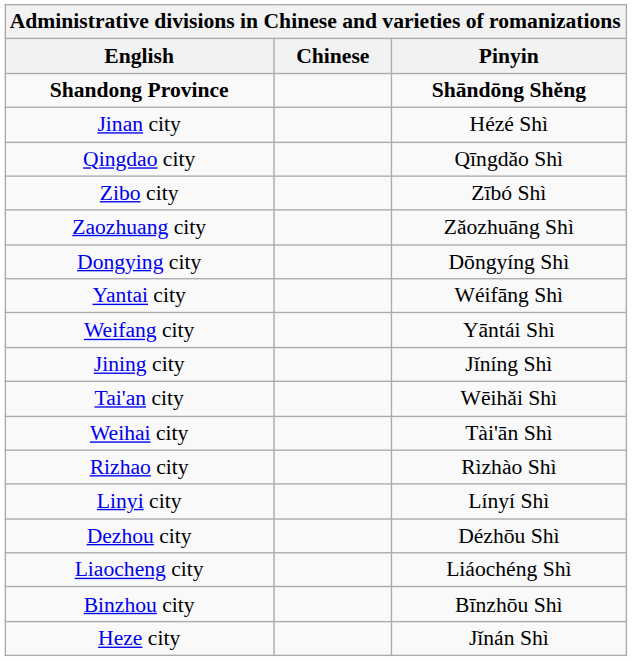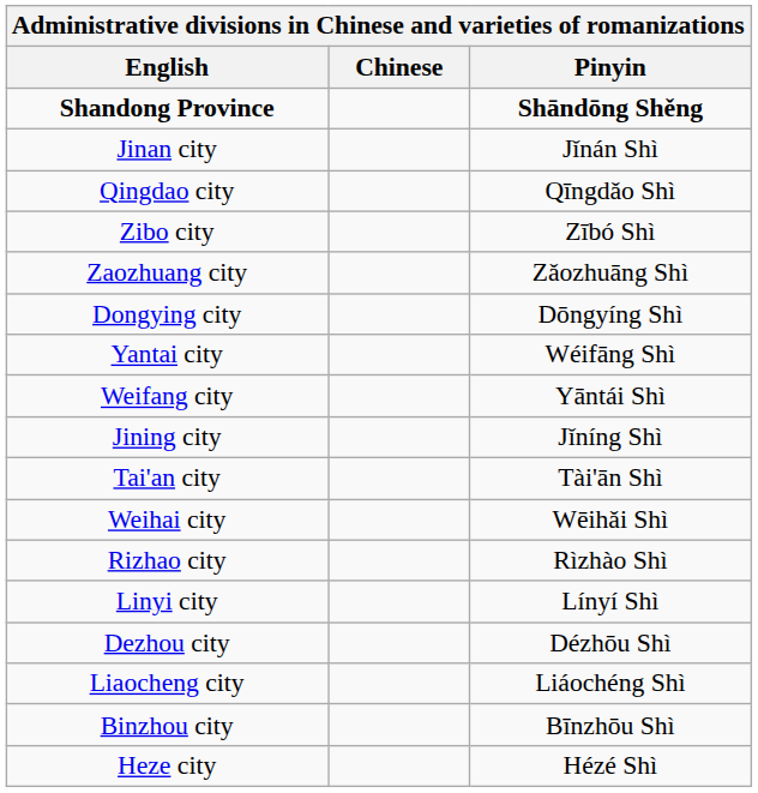 <table class="wikitable sortable collapsible collapsed" style="text-font:90%; width:auto; text-align:center; margin-left: auto; margin-right: auto;">
 <tr>
 <th colspan="5">Administrative divisions in Chinese and varieties of romanizations</th>
 </tr>
 <tr>
 <th>English</th>
 <th>Chinese</th>
 <th>Pinyin</th>
 </tr>
 <tr>
 <td><strong>Shandong Province</strong></td>
 <td></td>
 <td><strong>Shāndōng Shěng</strong></td>
 </tr>
 <tr>
 <td><a href='#'>Jinan</a> city</td>
 <td></td>
-<td>Hézé Shì</td>
+<td>Jǐnán Shì</td>
 </tr>
 <tr>
 <td><a href='#'>Qingdao</a> city</td>
 <td></td>
 <td>Qīngdǎo Shì</td>
 </tr>
 <tr>
 <td><a href='#'>Zibo</a> city</td>
 <td></td>
 <td>Zībó Shì</td>
 </tr>
 <tr>
 <td><a href='#'>Zaozhuang</a> city</td>
 <td></td>
 <td>Zǎozhuāng Shì</td>
 </tr>
 <tr>
 <td><a href='#'>Dongying</a> city</td>
 <td></td>
 <td>Dōngyíng Shì</td>
 </tr>
 <tr>
 <td><a href='#'>Yantai</a> city</td>
 <td></td>
 <td>Wéifāng Shì</td>
 </tr>
 <tr>
 <td><a href='#'>Weifang</a> city</td>
 <td></td>
 <td>Yāntái Shì</td>
 </tr>
 <tr>
 <td><a href='#'>Jining</a> city</td>
 <td></td>
 <td>Jǐníng Shì</td>
 </tr>
 <tr>
 <td><a href='#'>Tai'an</a> city</td>
 <td></td>
-<td>Wēihǎi Shì</td>
+<td>Tài'ān Shì</td>
 </tr>
 <tr>
 <td><a href='#'>Weihai</a> city</td>
 <td></td>
-<td>Tài'ān Shì</td>
+<td>Wēihǎi Shì</td>
 </tr>
 <tr>
 <td><a href='#'>Rizhao</a> city</td>
 <td></td>
 <td>Rìzhào Shì</td>
 </tr>
 <tr>
 <td><a href='#'>Linyi</a> city</td>
 <td></td>
 <td>Línyí Shì</td>
 </tr>
 <tr>
 <td><a href='#'>Dezhou</a> city</td>
 <td></td>
 <td>Dézhōu Shì</td>
 </tr>
 <tr>
 <td><a href='#'>Liaocheng</a> city</td>
 <td></td>
 <td>Liáochéng Shì</td>
 </tr>
 <tr>
 <td><a href='#'>Binzhou</a> city</td>
 <td></td>
 <td>Bīnzhōu Shì</td>
 </tr>
 <tr>
 <td><a href='#'>Heze</a> city</td>
 <td></td>
-<td>Jǐnán Shì</td>
+<td>Hézé Shì</td>
 </tr>
 </table>
